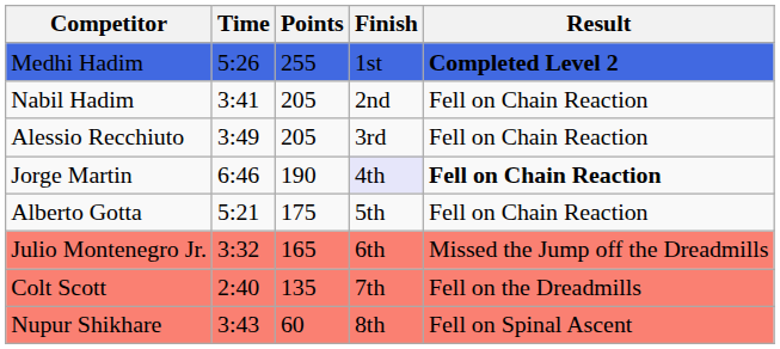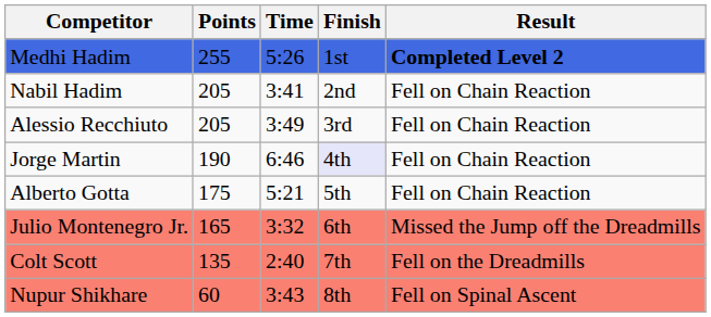 <table class="wikitable sortable">
 <tr>
 <th nowrap="nowrap">Competitor</th>
+<th>Points</th>
 <th>Time</th>
-<th>Points</th>
 <th>Finish</th>
 <th>Result</th>
 </tr>
 <tr style="background:royalblue">
 <td> Medhi Hadim</td>
+<td>255</td>
 <td>5:26</td>
-<td>255</td>
 <td>1st</td>
 <td><strong>Completed Level 2</strong></td>
 </tr>
 <tr>
 <td> Nabil Hadim</td>
+<td>205</td>
 <td>3:41</td>
-<td>205</td>
 <td>2nd</td>
 <td>Fell on Chain Reaction</td>
 </tr>
 <tr>
 <td> Alessio Recchiuto</td>
+<td>205</td>
 <td>3:49</td>
-<td>205</td>
 <td>3rd</td>
 <td>Fell on Chain Reaction</td>
 </tr>
 <tr>
 <td> Jorge Martin</td>
+<td>190</td>
 <td>6:46</td>
-<td>190</td>
 <td style="background: lavender;">4th</td>
-<td><strong>Fell on Chain Reaction</strong></td>
+<td>Fell on Chain Reaction</td>
 </tr>
 <tr>
 <td> Alberto Gotta</td>
+<td>175</td>
 <td>5:21</td>
-<td>175</td>
 <td>5th</td>
 <td>Fell on Chain Reaction</td>
 </tr>
 <tr style="background-color:#fa8072">
 <td> Julio Montenegro Jr.</td>
+<td>165</td>
 <td>3:32</td>
-<td>165</td>
 <td>6th</td>
 <td>Missed the Jump off the Dreadmills</td>
 </tr>
 <tr style="background-color:#fa8072">
 <td> Colt Scott</td>
+<td>135</td>
 <td>2:40</td>
-<td>135</td>
 <td>7th</td>
 <td>Fell on the Dreadmills</td>
 </tr>
 <tr style="background-color:#fa8072">
 <td> Nupur Shikhare</td>
+<td>60</td>
 <td>3:43</td>
-<td>60</td>
 <td>8th</td>
 <td>Fell on Spinal Ascent</td>
 </tr>
 </table>
